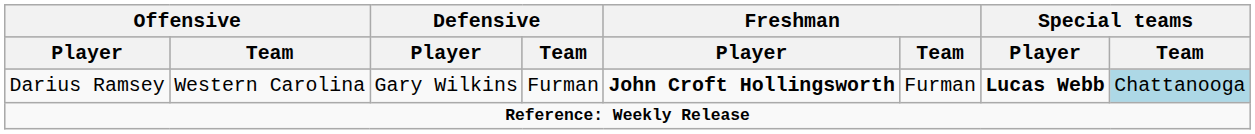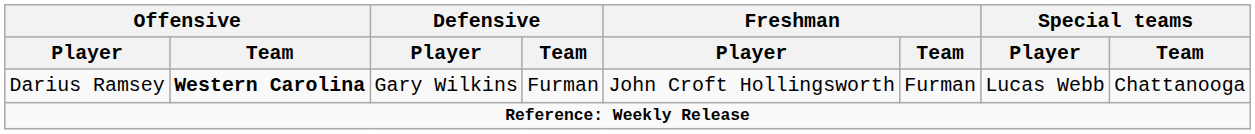 <table class="wikitable" border="1">
 <tr>
 <th colspan="2">Offensive</th>
 <th colspan="2">Defensive</th>
 <th colspan="2">Freshman</th>
 <th colspan="2">Special teams</th>
 </tr>
 <tr>
 <th>Player</th>
 <th>Team</th>
 <th>Player</th>
 <th>Team</th>
 <th>Player</th>
 <th>Team</th>
 <th>Player</th>
 <th>Team</th>
 </tr>
 <tr>
 <td>Darius Ramsey</td>
-<td>Western Carolina</td>
+<td><strong>Western Carolina</strong></td>
 <td>Gary Wilkins</td>
 <td>Furman</td>
-<td><strong>John Croft Hollingsworth</strong></td>
+<td>John Croft Hollingsworth</td>
 <td>Furman</td>
-<td><strong>Lucas Webb</strong></td>
-<td style="background: lightblue;">Chattanooga</td>
+<td>Lucas Webb</td>
+<td>Chattanooga</td>
 </tr>
 <tr>
 <td colspan="8" style="font-size: 8pt" align="center"><strong>Reference: Weekly Release</strong></td>
 </tr>
 </table>
